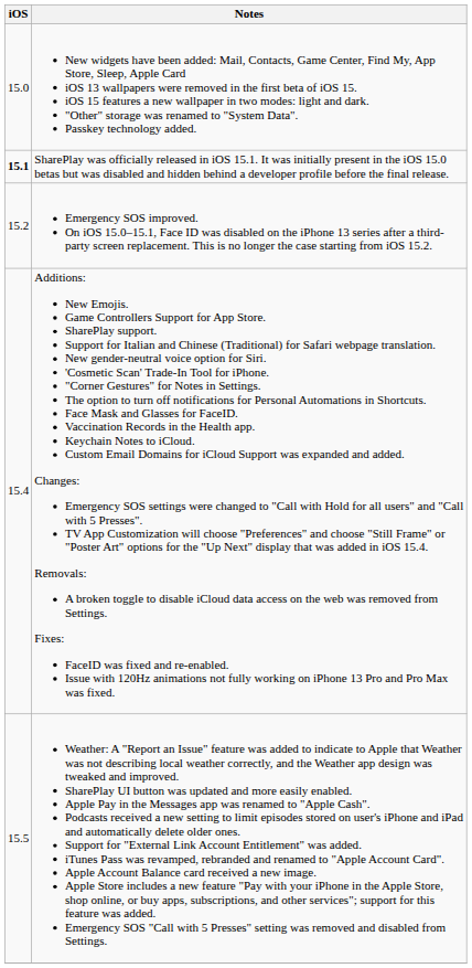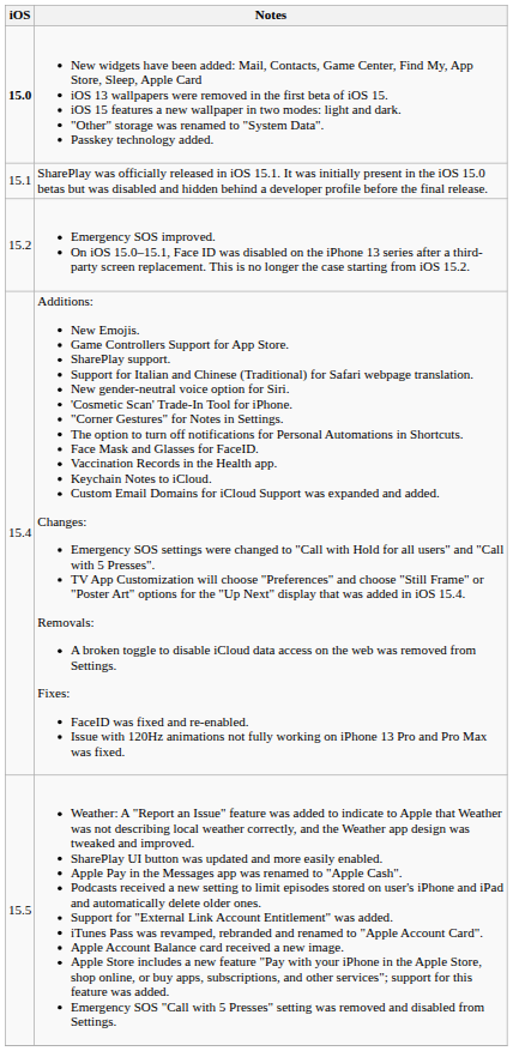 <table class=wikitable style=font-size:100%>
 <tr>
 <th><abbr>iOS</abbr></th>
 <th>Notes</th>
 </tr>
 <tr>
-<td>15.0</td>
+<td><strong>15.0</strong></td>
 <td><br><ul><li>New widgets have been added: Mail, Contacts, Game Center, Find My, App Store, Sleep, Apple Card</li><li>iOS 13 wallpapers were removed in the first beta of iOS 15.</li><li>iOS 15 features a new wallpaper in two modes: light and dark.</li><li>"Other" storage was renamed to "System Data".</li><li>Passkey technology added.</li></ul></td>
 </tr>
 <tr>
-<td><strong>15.1</strong></td>
+<td>15.1</td>
 <td>SharePlay was officially released in iOS 15.1. It was initially present in the iOS 15.0 betas but was disabled and hidden behind a developer profile before the final release.</td>
 </tr>
 <tr>
 <td>15.2</td>
 <td><br><ul><li>Emergency SOS improved.</li><li>On iOS 15.0–15.1, Face ID was disabled on the iPhone 13 series after a third-party screen replacement. This is no longer the case starting from iOS 15.2.</li></ul></td>
 </tr>
 <tr>
 <td>15.4</td>
 <td>Additions:<br><ul><li>New Emojis.</li><li>Game Controllers Support for App Store.</li><li>SharePlay support.</li><li>Support for Italian and Chinese (Traditional) for Safari webpage translation.</li><li>New gender-neutral voice option for Siri.</li><li>'Cosmetic Scan' Trade-In Tool for iPhone.</li><li>"Corner Gestures" for Notes in Settings.</li><li>The option to turn off notifications for Personal Automations in Shortcuts.</li><li>Face Mask and Glasses for FaceID.</li><li>Vaccination Records in the Health app.</li><li>Keychain Notes to iCloud.</li><li>Custom Email Domains for iCloud Support was expanded and added.</li></ul>Changes:<ul><li>Emergency SOS settings were changed to "Call with Hold for all users" and "Call with 5 Presses".</li><li>TV App Customization will choose "Preferences" and choose "Still Frame" or "Poster Art" options for the "Up Next" display that was added in iOS 15.4.</li></ul>Removals:<ul><li>A broken toggle to disable iCloud data access on the web was removed from Settings.</li></ul>Fixes:<ul><li>FaceID was fixed and re-enabled.</li><li>Issue with 120Hz animations not fully working on iPhone 13 Pro and Pro Max was fixed.</li></ul></td>
 </tr>
 <tr>
 <td>15.5</td>
 <td><br><ul><li>Weather: A "Report an Issue" feature was added to indicate to Apple that Weather was not describing local weather correctly, and the Weather app design was tweaked and improved.</li><li>SharePlay UI button was updated and more easily enabled.</li><li>Apple Pay in the Messages app was renamed to "Apple Cash".</li><li>Podcasts received a new setting to limit episodes stored on user's iPhone and iPad and automatically delete older ones.</li><li>Support for "External Link Account Entitlement" was added.</li><li>iTunes Pass was revamped, rebranded and renamed to "Apple Account Card".</li><li>Apple Account Balance card received a new image.</li><li>Apple Store includes a new feature "Pay with your iPhone in the Apple Store, shop online, or buy apps, subscriptions, and other services"; support for this feature was added.</li><li>Emergency SOS "Call with 5 Presses" setting was removed and disabled from Settings.</li></ul></td>
 </tr>
 <tr>
 </tr>
 </table>
